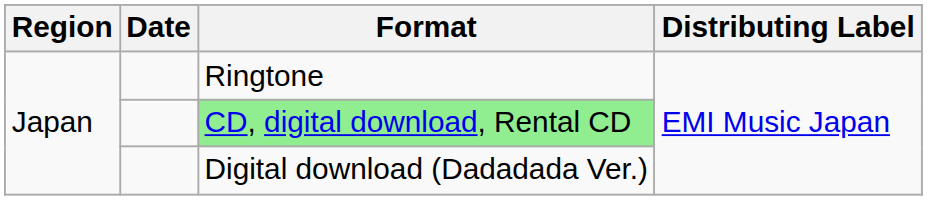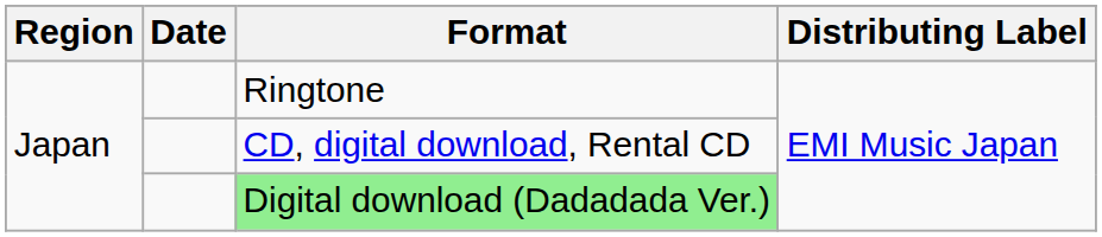 <table class="wikitable">
 <tr>
 <th>Region</th>
 <th>Date</th>
 <th>Format</th>
 <th>Distributing Label</th>
 </tr>
 <tr>
 <td rowspan="3">Japan</td>
 <td></td>
 <td>Ringtone</td>
 <td rowspan="3"><a href='#'>EMI Music Japan</a></td>
 </tr>
 <tr>
 <td></td>
-<td style="background: lightgreen;"><a href='#'>CD</a>, <a href='#'>digital download</a>, Rental CD</td>
+<td><a href='#'>CD</a>, <a href='#'>digital download</a>, Rental CD</td>
 </tr>
 <tr>
 <td></td>
-<td>Digital download (Dadadada Ver.)</td>
+<td style="background: lightgreen;">Digital download (Dadadada Ver.)</td>
 </tr>
 </table>
